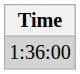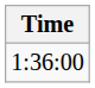 <table class="wikitable" border="1" align="upright">
 <tr>
 <th>Time</th>
 </tr>
 <tr>
-<td style="background: lightgrey;">1:36:00</td>
+<td>1:36:00</td>
 </tr>
 </table>
